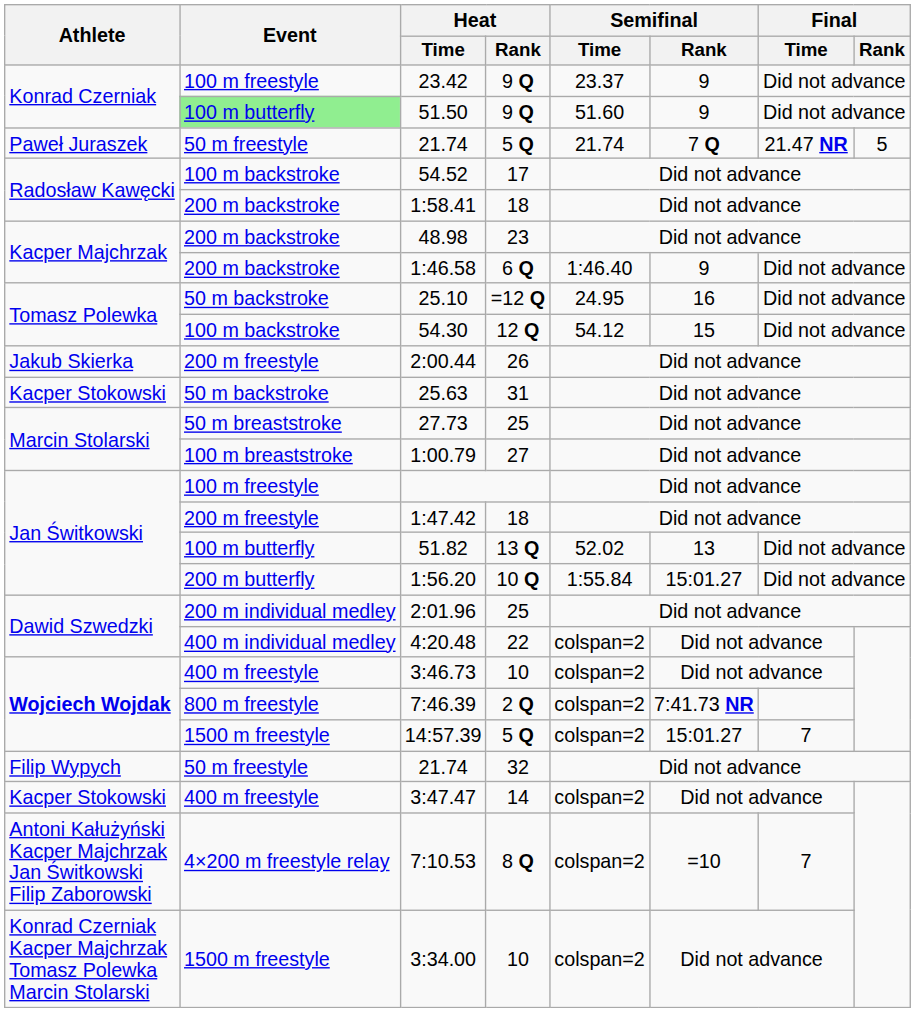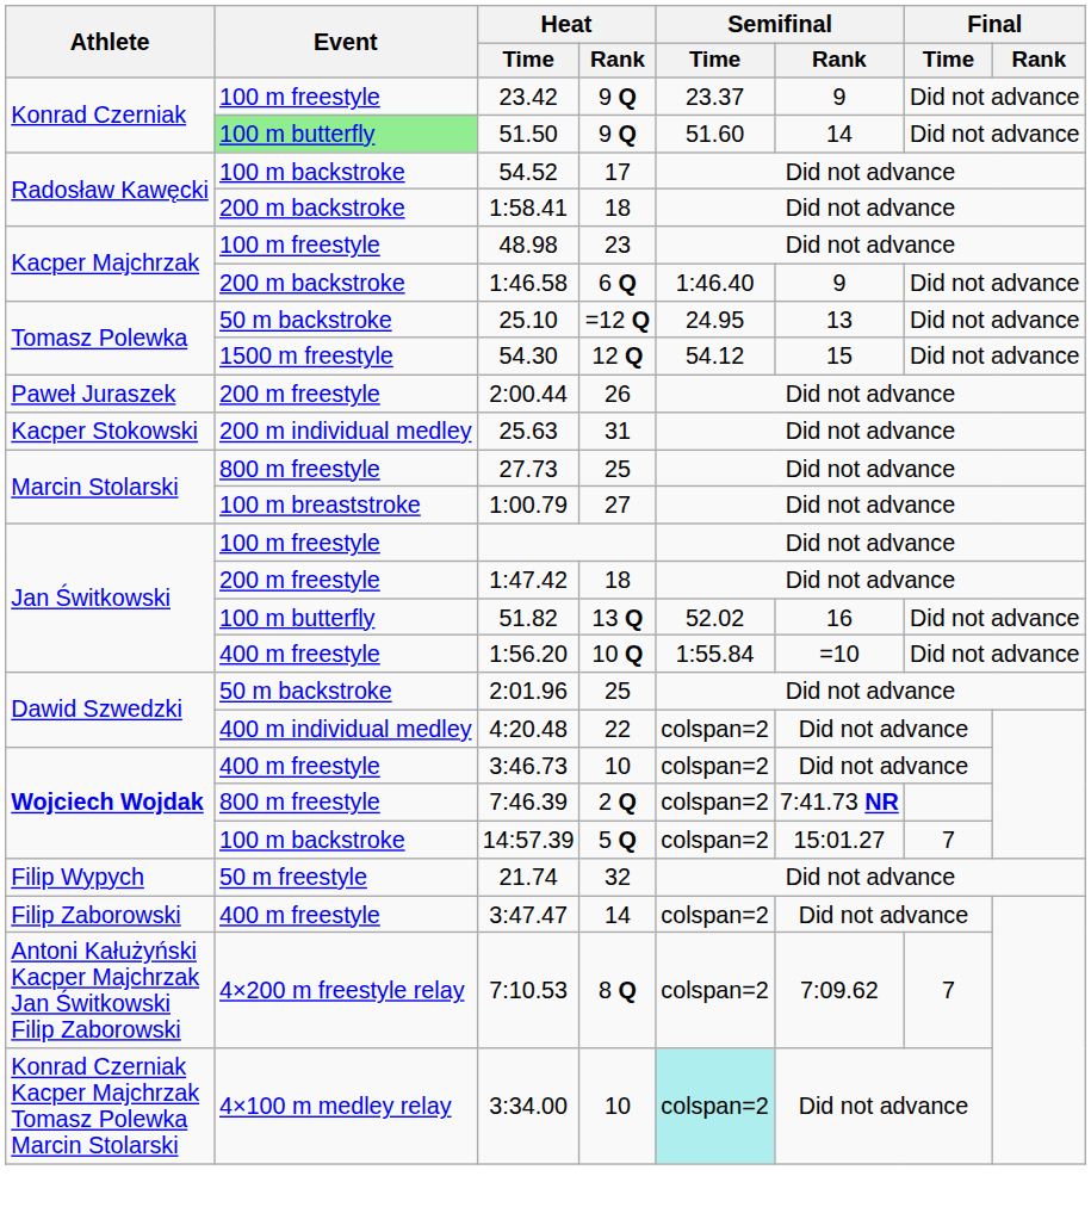 <table class=wikitable style="font-size:90%">
 <tr>
 <th rowspan="2">Athlete</th>
 <th rowspan="2">Event</th>
 <th colspan="2">Heat</th>
 <th colspan="2">Semifinal</th>
 <th colspan="2">Final</th>
 </tr>
 <tr style="font-size:95%">
 <th>Time</th>
 <th>Rank</th>
 <th>Time</th>
 <th>Rank</th>
 <th>Time</th>
 <th>Rank</th>
 </tr>
 <tr align=center>
 <td align=left rowspan=2><a href='#'>Konrad Czerniak</a></td>
 <td align=left><a href='#'>100 m freestyle</a></td>
 <td>23.42</td>
 <td>9 <strong>Q</strong></td>
 <td>23.37</td>
 <td>9</td>
 <td colspan=2>Did not advance</td>
 </tr>
 <tr align=center>
 <td align=left style="background: lightgreen;"><a href='#'>100 m butterfly</a></td>
 <td>51.50</td>
 <td>9 <strong>Q</strong></td>
 <td>51.60</td>
-<td>9</td>
+<td>14</td>
 <td colspan=2>Did not advance</td>
-</tr>
-<tr align=center>
-<td align=left><a href='#'>Paweł Juraszek</a></td>
-<td align=left><a href='#'>50 m freestyle</a></td>
-<td>21.74</td>
-<td>5 <strong>Q</strong></td>
-<td>21.74</td>
-<td>7 <strong>Q</strong></td>
-<td>21.47 <strong><a href='#'>NR</a></strong></td>
-<td>5</td>
 </tr>
 <tr align=center>
 <td align=left rowspan=2><a href='#'>Radosław Kawęcki</a></td>
 <td align=left><a href='#'>100 m backstroke</a></td>
 <td>54.52</td>
 <td>17</td>
 <td colspan=4>Did not advance</td>
 </tr>
 <tr align=center>
 <td align=left><a href='#'>200 m backstroke</a></td>
 <td>1:58.41</td>
 <td>18</td>
 <td colspan=4>Did not advance</td>
 </tr>
 <tr align=center>
 <td align=left rowspan=2><a href='#'>Kacper Majchrzak</a></td>
-<td align=left><a href='#'>200 m backstroke</a></td>
+<td align=left><a href='#'>100 m freestyle</a></td>
 <td>48.98</td>
 <td>23</td>
 <td colspan=4>Did not advance</td>
 </tr>
 <tr align=center>
 <td align=left><a href='#'>200 m backstroke</a></td>
 <td>1:46.58</td>
 <td>6 <strong>Q</strong></td>
 <td>1:46.40</td>
 <td>9</td>
 <td colspan=2>Did not advance</td>
 </tr>
 <tr align=center>
 <td align=left rowspan=2><a href='#'>Tomasz Polewka</a></td>
 <td align=left><a href='#'>50 m backstroke</a></td>
 <td>25.10</td>
 <td>=12 <strong>Q</strong></td>
 <td>24.95</td>
-<td>16</td>
+<td>13</td>
 <td colspan=2>Did not advance</td>
 </tr>
 <tr align=center>
-<td align=left><a href='#'>100 m backstroke</a></td>
+<td align=left><a href='#'>1500 m freestyle</a></td>
 <td>54.30</td>
 <td>12 <strong>Q</strong></td>
 <td>54.12</td>
 <td>15</td>
 <td colspan=2>Did not advance</td>
 </tr>
 <tr align=center>
-<td align=left><a href='#'>Jakub Skierka</a></td>
+<td align=left><a href='#'>Paweł Juraszek</a></td>
 <td align=left><a href='#'>200 m freestyle</a></td>
 <td>2:00.44</td>
 <td>26</td>
 <td colspan=4>Did not advance</td>
 </tr>
 <tr align=center>
 <td align=left><a href='#'>Kacper Stokowski</a></td>
-<td align=left><a href='#'>50 m backstroke</a></td>
+<td align=left><a href='#'>200 m individual medley</a></td>
 <td>25.63</td>
 <td>31</td>
 <td colspan=4>Did not advance</td>
 </tr>
 <tr align=center>
 <td align=left rowspan=2><a href='#'>Marcin Stolarski</a></td>
-<td align=left><a href='#'>50 m breaststroke</a></td>
+<td align=left><a href='#'>800 m freestyle</a></td>
 <td>27.73</td>
 <td>25</td>
 <td colspan=4>Did not advance</td>
 </tr>
 <tr align=center>
 <td align=left><a href='#'>100 m breaststroke</a></td>
 <td>1:00.79</td>
 <td>27</td>
 <td colspan=4>Did not advance</td>
 </tr>
 <tr align=center>
 <td align=left rowspan=4><a href='#'>Jan Świtkowski</a></td>
 <td align=left><a href='#'>100 m freestyle</a></td>
 <td colspan=2></td>
 <td colspan=4>Did not advance</td>
 </tr>
 <tr align=center>
 <td align=left><a href='#'>200 m freestyle</a></td>
 <td>1:47.42</td>
 <td>18</td>
 <td colspan=4>Did not advance</td>
 </tr>
 <tr align=center>
 <td align=left><a href='#'>100 m butterfly</a></td>
 <td>51.82</td>
 <td>13 <strong>Q</strong></td>
 <td>52.02</td>
-<td>13</td>
+<td>16</td>
 <td colspan=2>Did not advance</td>
 </tr>
 <tr align=center>
-<td align=left><a href='#'>200 m butterfly</a></td>
+<td align=left><a href='#'>400 m freestyle</a></td>
 <td>1:56.20</td>
 <td>10 <strong>Q</strong></td>
 <td>1:55.84</td>
-<td>15:01.27</td>
+<td>=10</td>
 <td colspan=2>Did not advance</td>
 </tr>
 <tr align=center>
 <td align=left rowspan=2><a href='#'>Dawid Szwedzki</a></td>
-<td align=left><a href='#'>200 m individual medley</a></td>
+<td align=left><a href='#'>50 m backstroke</a></td>
 <td>2:01.96</td>
 <td>25</td>
 <td colspan=4>Did not advance</td>
 </tr>
 <tr align=center>
 <td align=left><a href='#'>400 m individual medley</a></td>
 <td>4:20.48</td>
 <td>22</td>
 <td>colspan=2 </td>
 <td colspan=2>Did not advance</td>
 </tr>
 <tr align=center>
 <td align=left rowspan=3><strong><a href='#'>Wojciech Wojdak</a></strong></td>
 <td align=left><a href='#'>400 m freestyle</a></td>
 <td>3:46.73</td>
 <td>10</td>
 <td>colspan=2 </td>
 <td colspan=2>Did not advance</td>
 </tr>
 <tr align=center>
 <td align=left><a href='#'>800 m freestyle</a></td>
 <td>7:46.39</td>
 <td>2 <strong>Q</strong></td>
 <td>colspan=2 </td>
 <td>7:41.73 <strong><a href='#'>NR</a></strong></td>
 <td></td>
 </tr>
 <tr align=center>
-<td align=left><a href='#'>1500 m freestyle</a></td>
+<td align=left><a href='#'>100 m backstroke</a></td>
 <td>14:57.39</td>
 <td>5 <strong>Q</strong></td>
 <td>colspan=2 </td>
 <td>15:01.27</td>
 <td>7</td>
 </tr>
 <tr align=center>
 <td align=left><a href='#'>Filip Wypych</a></td>
 <td align=left><a href='#'>50 m freestyle</a></td>
 <td>21.74</td>
 <td>32</td>
 <td colspan=4>Did not advance</td>
 </tr>
 <tr align=center>
-<td align=left><a href='#'>Kacper Stokowski</a></td>
+<td align=left><a href='#'>Filip Zaborowski</a></td>
 <td align=left><a href='#'>400 m freestyle</a></td>
 <td>3:47.47</td>
 <td>14</td>
 <td>colspan=2 </td>
 <td colspan=2>Did not advance</td>
 </tr>
 <tr align=center>
 <td align=left><a href='#'>Antoni Kałużyński</a><br><a href='#'>Kacper Majchrzak</a><br><a href='#'>Jan Świtkowski</a><br><a href='#'>Filip Zaborowski</a></td>
 <td align=left><a href='#'>4×200 m freestyle relay</a></td>
 <td>7:10.53</td>
 <td>8 <strong>Q</strong></td>
 <td>colspan=2 </td>
-<td>=10</td>
+<td>7:09.62</td>
 <td>7</td>
 </tr>
 <tr align=center>
 <td align=left><a href='#'>Konrad Czerniak</a><br><a href='#'>Kacper Majchrzak</a><br><a href='#'>Tomasz Polewka</a><br><a href='#'>Marcin Stolarski</a></td>
-<td align=left><a href='#'>1500 m freestyle</a></td>
+<td align=left><a href='#'>4×100 m medley relay</a></td>
 <td>3:34.00</td>
 <td>10</td>
-<td>colspan=2 </td>
+<td style="background: paleturquoise;">colspan=2 </td>
 <td colspan=2>Did not advance</td>
 </tr>
 </table>
